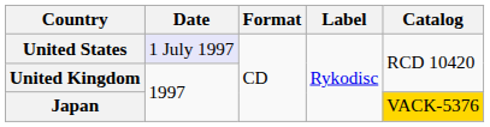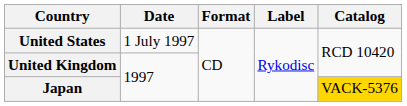 <table class="wikitable plainrowheaders">
 <tr>
 <th scope="col">Country</th>
 <th scope="col">Date</th>
 <th scope="col">Format</th>
 <th scope="col">Label</th>
 <th scope="col">Catalog</th>
 </tr>
 <tr>
 <th scope="row">United States</th>
-<td style="background: lavender;">1 July 1997</td>
+<td>1 July 1997</td>
 <td rowspan="3">CD</td>
 <td rowspan="3"><a href='#'>Rykodisc</a></td>
 <td rowspan="2">RCD 10420</td>
 </tr>
 <tr>
 <th scope="row">United Kingdom</th>
 <td rowspan="2">1997</td>
 </tr>
 <tr>
 <th scope="row">Japan</th>
 <td style="background: gold;">VACK-5376</td>
 </tr>
 </table>
